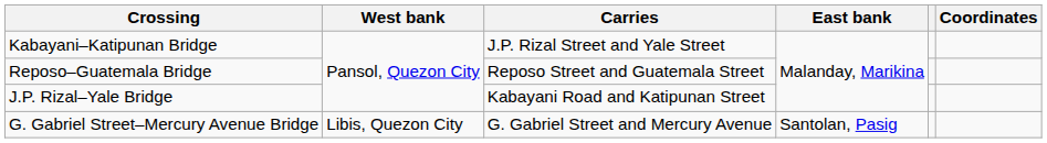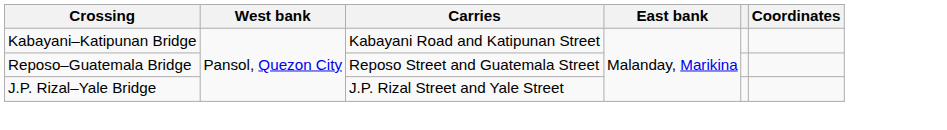 <table class=wikitable>
 <tr>
 <th>Crossing</th>
 <th>West bank</th>
 <th>Carries</th>
 <th>East bank</th>
 <th></th>
 <th>Coordinates</th>
 </tr>
 <tr>
 <td>Kabayani–Katipunan Bridge</td>
 <td rowspan="3">Pansol, <a href='#'>Quezon City</a></td>
-<td>J.P. Rizal Street and Yale Street</td>
+<td>Kabayani Road and Katipunan Street</td>
 <td rowspan="3">Malanday, <a href='#'>Marikina</a></td>
 <td></td>
 <td></td>
 </tr>
 <tr>
 <td>Reposo–Guatemala Bridge</td>
 <td>Reposo Street and Guatemala Street</td>
 <td></td>
 <td></td>
 </tr>
 <tr>
 <td>J.P. Rizal–Yale Bridge</td>
-<td>Kabayani Road and Katipunan Street</td>
-<td></td>
-<td></td>
-</tr>
-<tr>
-<td>G. Gabriel Street–Mercury Avenue Bridge</td>
-<td>Libis, Quezon City</td>
-<td>G. Gabriel Street and Mercury Avenue</td>
-<td>Santolan, <a href='#'>Pasig</a></td>
+<td>J.P. Rizal Street and Yale Street</td>
 <td></td>
 <td></td>
 </tr>
 </table>
